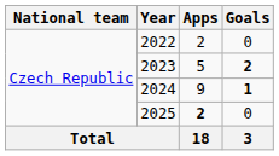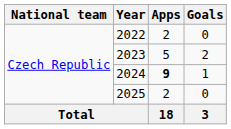 <table class=wikitable style=text-align:center>
 <tr>
 <th>National team</th>
 <th>Year</th>
 <th>Apps</th>
 <th>Goals</th>
 </tr>
 <tr>
 <td rowspan="4"><a href='#'>Czech Republic</a></td>
 <td>2022</td>
 <td>2</td>
 <td>0</td>
 </tr>
 <tr>
 <td>2023</td>
 <td>5</td>
-<td><strong>2</strong></td>
+<td>2</td>
 </tr>
 <tr>
 <td>2024</td>
-<td>9</td>
-<td><strong>1</strong></td>
+<td><strong>9</strong></td>
+<td>1</td>
 </tr>
 <tr>
 <td>2025</td>
-<td><strong>2</strong></td>
+<td>2</td>
 <td>0</td>
 </tr>
 <tr>
 <th colspan="2">Total</th>
 <th>18</th>
 <th>3</th>
 </tr>
 </table>
